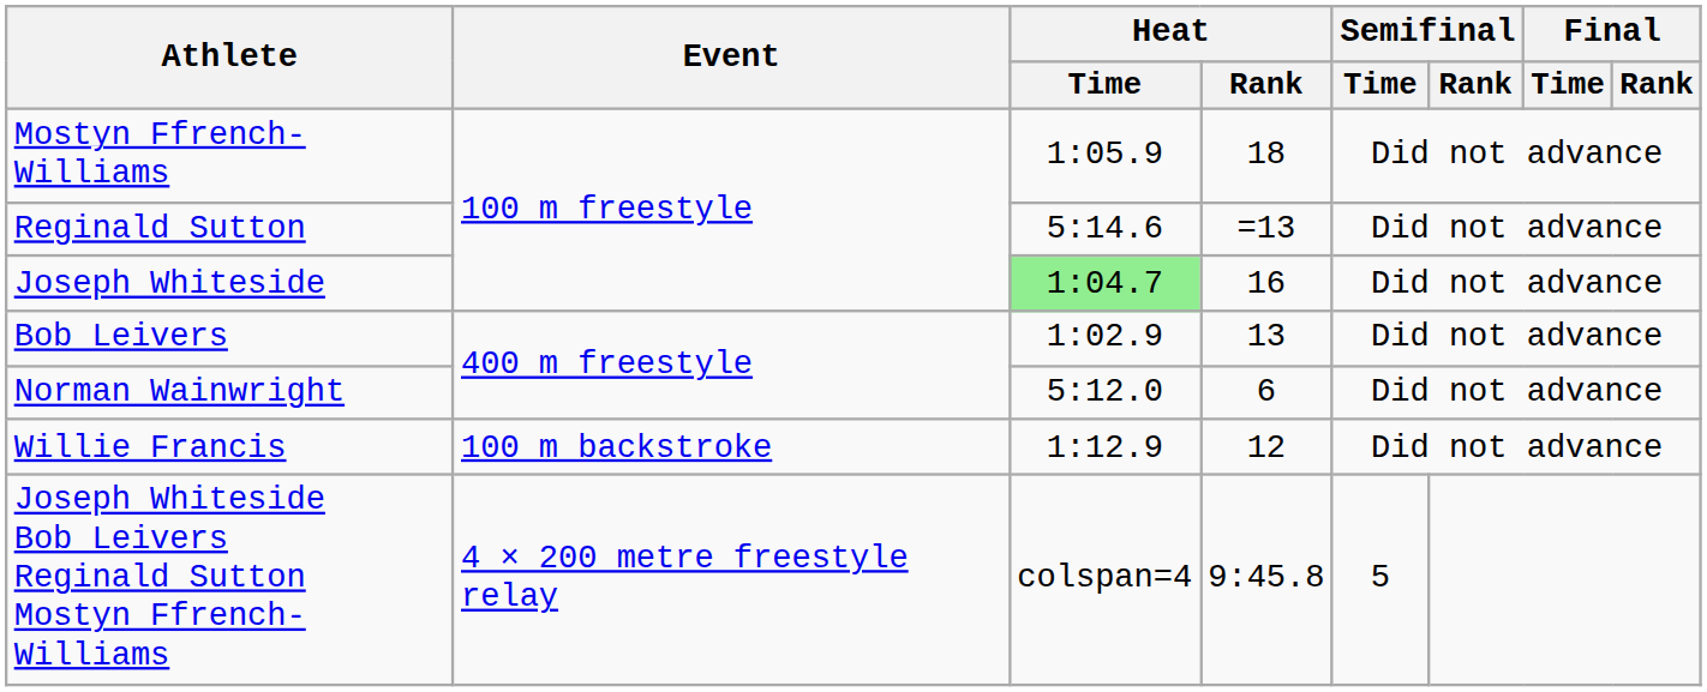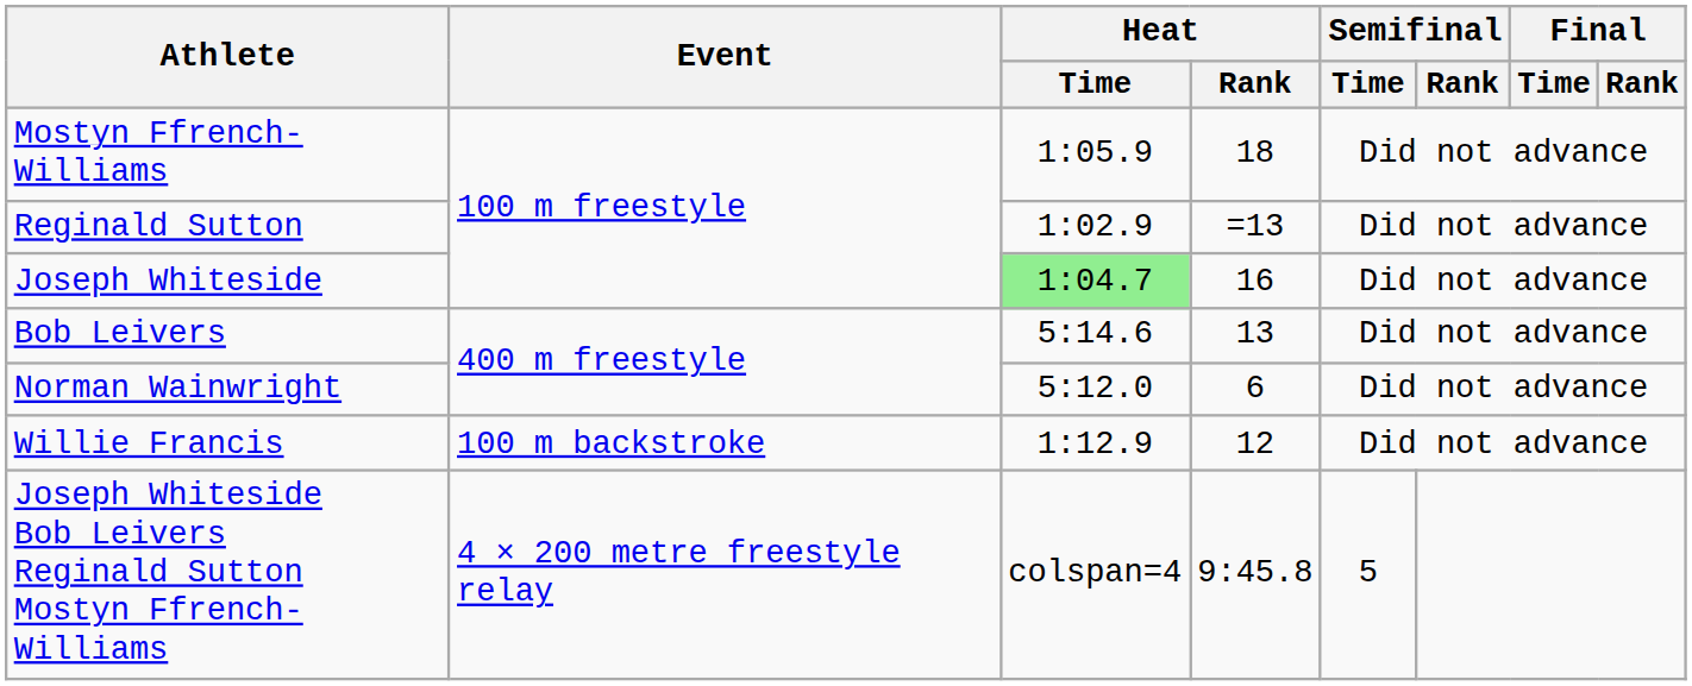 <table class=wikitable style="font-size:90%;">
 <tr>
 <th rowspan=2>Athlete</th>
 <th rowspan=2>Event</th>
 <th colspan=2>Heat</th>
 <th colspan=2>Semifinal</th>
 <th colspan=2>Final</th>
 </tr>
 <tr style="font-size:95%">
 <th>Time</th>
 <th>Rank</th>
 <th>Time</th>
 <th>Rank</th>
 <th>Time</th>
 <th>Rank</th>
 </tr>
 <tr align=center>
 <td align=left><a href='#'>Mostyn Ffrench-Williams</a></td>
 <td rowspan=3 align=left><a href='#'>100 m freestyle</a></td>
 <td>1:05.9</td>
 <td>18</td>
 <td colspan=4>Did not advance</td>
 </tr>
 <tr align=center>
 <td align=left><a href='#'>Reginald Sutton</a></td>
-<td>5:14.6</td>
+<td>1:02.9</td>
 <td>=13</td>
 <td colspan=4>Did not advance</td>
 </tr>
 <tr align=center>
 <td align=left><a href='#'>Joseph Whiteside</a></td>
 <td style="background: lightgreen;">1:04.7</td>
 <td>16</td>
 <td colspan=4>Did not advance</td>
 </tr>
 <tr align=center>
 <td align=left><a href='#'>Bob Leivers</a></td>
 <td rowspan=2 align=left><a href='#'>400 m freestyle</a></td>
-<td>1:02.9</td>
+<td>5:14.6</td>
 <td>13</td>
 <td colspan=4>Did not advance</td>
 </tr>
 <tr align=center>
 <td align=left><a href='#'>Norman Wainwright</a></td>
 <td>5:12.0</td>
 <td>6</td>
 <td colspan=4>Did not advance</td>
 </tr>
 <tr align=center>
 <td align=left><a href='#'>Willie Francis</a></td>
 <td align=left><a href='#'>100 m backstroke</a></td>
 <td>1:12.9</td>
 <td>12</td>
 <td colspan=4>Did not advance</td>
 </tr>
 <tr align=center>
 <td align=left><a href='#'>Joseph Whiteside</a><br><a href='#'>Bob Leivers</a><br><a href='#'>Reginald Sutton</a><br><a href='#'>Mostyn Ffrench-Williams</a></td>
 <td rowspan=2 align=left><a href='#'>4 × 200 metre freestyle relay</a></td>
 <td>colspan=4 </td>
 <td>9:45.8</td>
 <td>5</td>
 </tr>
 </table>
